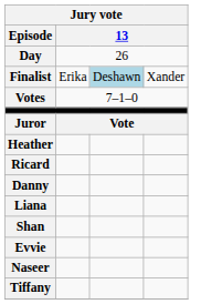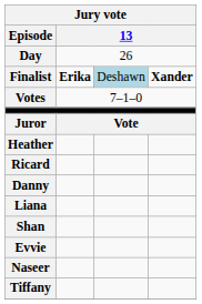 <table class="wikitable nowrap" style="text-align:center; font-size:100%">
 <tr>
 <th colspan="4">Jury vote</th>
 </tr>
 <tr>
 <th>Episode</th>
 <th colspan="3"><a href='#'>13</a></th>
 </tr>
 <tr>
 <th>Day</th>
 <td colspan="3">26</td>
 </tr>
 <tr>
 <th>Finalist</th>
-<td>Erika</td>
+<td><strong>Erika</strong></td>
 <td style="background: lightblue;">Deshawn</td>
-<td>Xander</td>
+<td><strong>Xander</strong></td>
 </tr>
 <tr>
 <th>Votes</th>
 <td colspan="3">7–1–0</td>
 </tr>
 <tr>
 <th colspan="5" style="background:black;"></th>
 </tr>
 <tr>
 <th>Juror</th>
 <th colspan="4">Vote</th>
 </tr>
 <tr>
 <th>Heather</th>
 <td></td>
 <td></td>
 <td></td>
 </tr>
 <tr>
 <th>Ricard</th>
 <td></td>
 <td></td>
 <td></td>
 </tr>
 <tr>
 <th>Danny</th>
 <td></td>
 <td></td>
 <td></td>
 </tr>
 <tr>
 <th>Liana</th>
 <td></td>
 <td></td>
 <td></td>
 </tr>
 <tr>
 <th>Shan</th>
 <td></td>
 <td></td>
 <td></td>
 </tr>
 <tr>
 <th>Evvie</th>
 <td></td>
 <td></td>
 <td></td>
 </tr>
 <tr>
 <th>Naseer</th>
 <td></td>
 <td></td>
 <td></td>
 </tr>
 <tr>
 <th>Tiffany</th>
 <td></td>
 <td></td>
 <td></td>
 </tr>
 <tr>
 </tr>
 </table>
